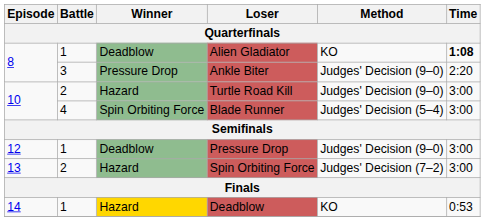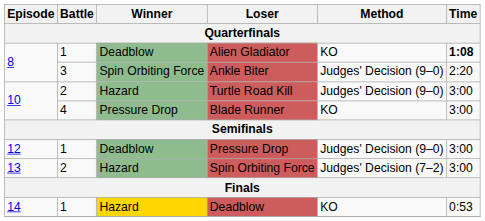 <table class="wikitable">
 <tr>
 <th>Episode</th>
 <th>Battle</th>
 <th>Winner</th>
 <th>Loser</th>
 <th>Method</th>
 <th>Time</th>
 </tr>
 <tr>
 <th colspan="6">Quarterfinals</th>
 </tr>
 <tr>
 <td rowspan="2"><a href='#'>8</a></td>
 <td>1</td>
 <td style="background:DarkSeaGreen;">Deadblow</td>
 <td style="background:IndianRed;">Alien Gladiator</td>
 <td>KO</td>
 <td><strong>1:08</strong></td>
 </tr>
 <tr>
 <td>3</td>
-<td style="background:DarkSeaGreen;">Pressure Drop</td>
+<td style="background:DarkSeaGreen;">Spin Orbiting Force</td>
 <td style="background:IndianRed;">Ankle Biter</td>
 <td>Judges' Decision (9–0)</td>
 <td>2:20</td>
 </tr>
 <tr>
 <td rowspan="2"><a href='#'>10</a></td>
 <td>2</td>
 <td style="background:DarkSeaGreen;">Hazard</td>
 <td style="background:IndianRed;">Turtle Road Kill</td>
 <td>Judges' Decision (9–0)</td>
 <td>3:00</td>
 </tr>
 <tr>
 <td>4</td>
-<td style="background:DarkSeaGreen;">Spin Orbiting Force</td>
+<td style="background:DarkSeaGreen;">Pressure Drop</td>
 <td style="background:IndianRed;">Blade Runner</td>
-<td>Judges' Decision (5–4)</td>
+<td>KO</td>
 <td>3:00</td>
 </tr>
 <tr>
 <th colspan="6">Semifinals</th>
 </tr>
 <tr>
 <td><a href='#'>12</a></td>
 <td>1</td>
 <td style="background:DarkSeaGreen;">Deadblow</td>
 <td style="background:IndianRed;">Pressure Drop</td>
 <td>Judges' Decision (9–0)</td>
 <td>3:00</td>
 </tr>
 <tr>
 <td><a href='#'>13</a></td>
 <td>2</td>
 <td style="background:DarkSeaGreen;">Hazard</td>
 <td style="background:IndianRed;">Spin Orbiting Force</td>
 <td>Judges' Decision (7–2)</td>
 <td>3:00</td>
 </tr>
 <tr>
 <th colspan="6">Finals</th>
 </tr>
 <tr>
 <td><a href='#'>14</a></td>
 <td>1</td>
 <td style="background:Gold;">Hazard</td>
 <td style="background:IndianRed;">Deadblow</td>
 <td>KO</td>
 <td>0:53</td>
 </tr>
 <tr>
 </tr>
 </table>
